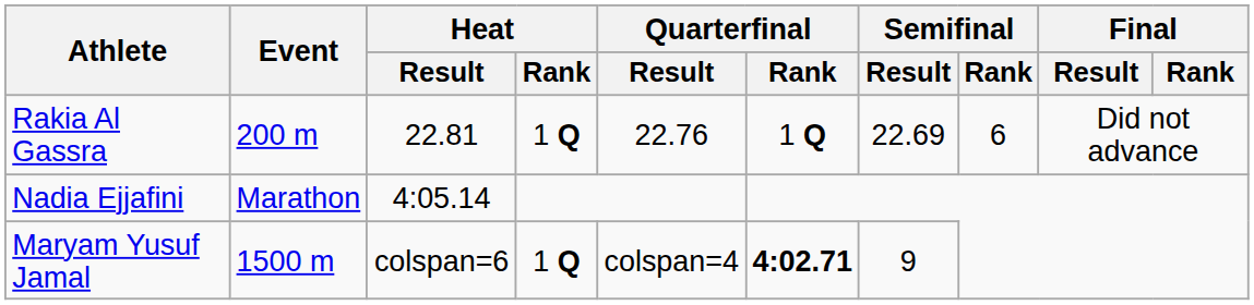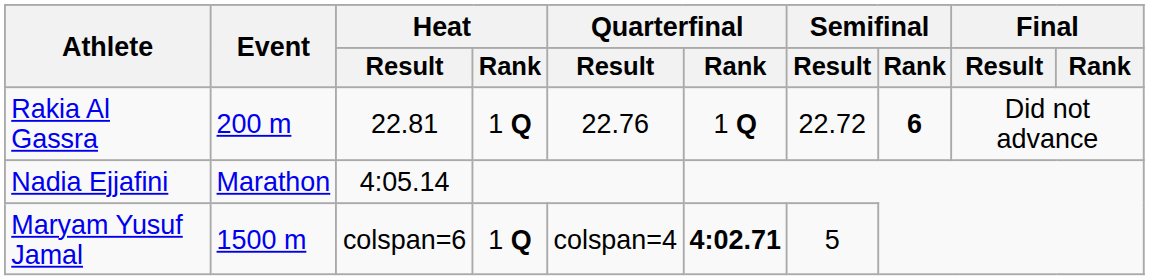 <table class=wikitable style="font-size:90%">
 <tr>
 <th rowspan="2">Athlete</th>
 <th rowspan="2">Event</th>
 <th colspan="2">Heat</th>
 <th colspan="2">Quarterfinal</th>
 <th colspan="2">Semifinal</th>
 <th colspan="2">Final</th>
 </tr>
 <tr style="font-size:95%">
 <th>Result</th>
 <th>Rank</th>
 <th>Result</th>
 <th>Rank</th>
 <th>Result</th>
 <th>Rank</th>
 <th>Result</th>
 <th>Rank</th>
 </tr>
 <tr align=center>
 <td align=left><a href='#'>Rakia Al Gassra</a></td>
 <td align=left><a href='#'>200 m</a></td>
 <td>22.81</td>
 <td>1 <strong>Q</strong></td>
 <td>22.76</td>
 <td>1 <strong>Q</strong></td>
-<td>22.69</td>
-<td>6</td>
+<td>22.72</td>
+<td><strong>6</strong></td>
 <td colspan=2>Did not advance</td>
 </tr>
 <tr align=center>
 <td align=left><a href='#'>Nadia Ejjafini</a></td>
 <td align=left><a href='#'>Marathon</a></td>
 <td>4:05.14</td>
 <td colspan=2></td>
 </tr>
 <tr align=center>
 <td align=left><a href='#'>Maryam Yusuf Jamal</a></td>
 <td align=left><a href='#'>1500 m</a></td>
 <td>colspan=6 </td>
 <td>1 <strong>Q</strong></td>
 <td>colspan=4 </td>
 <td><strong>4:02.71</strong></td>
-<td>9</td>
+<td>5</td>
 </tr>
 </table>
